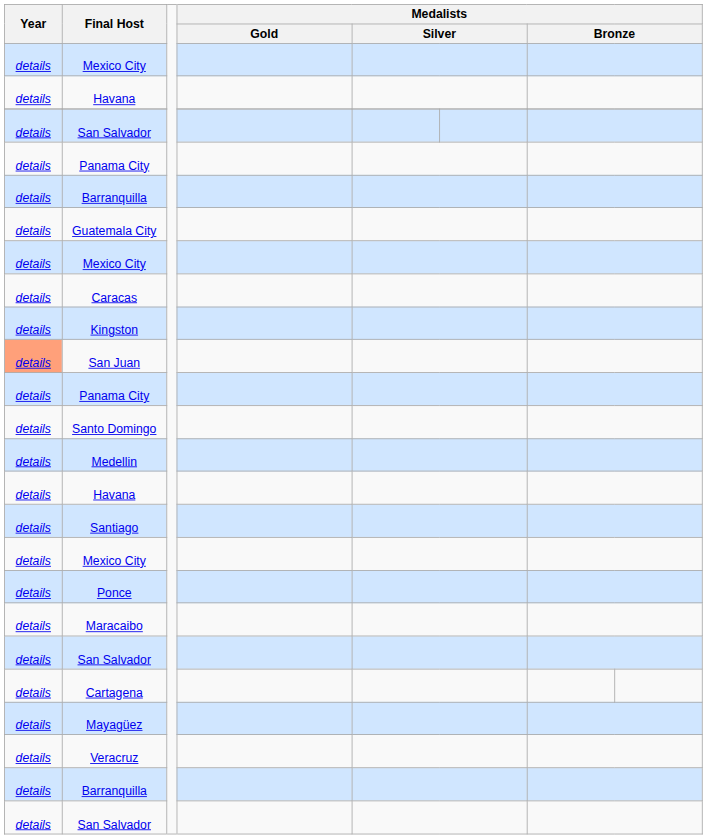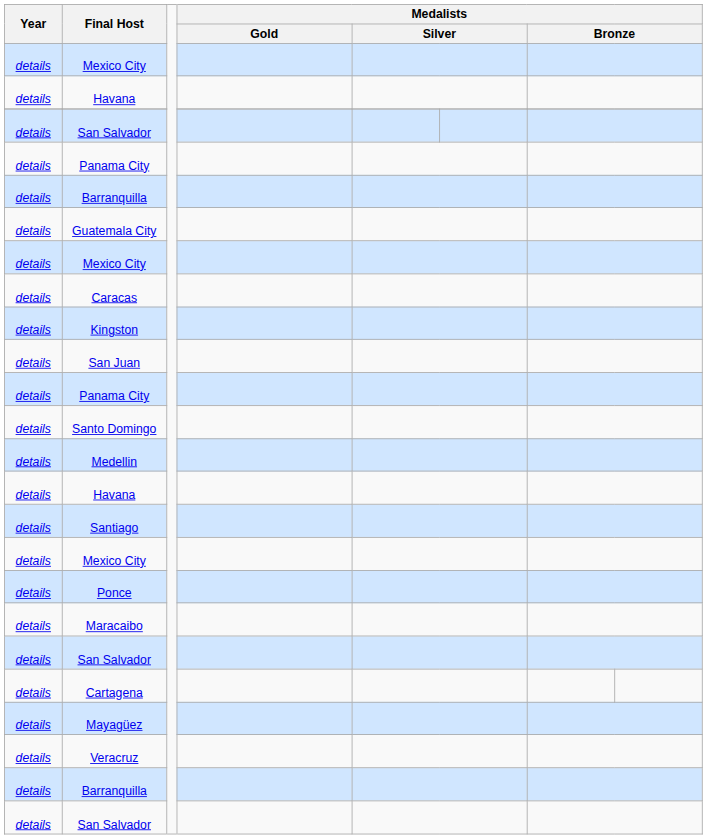 <table class="wikitable" style="font-size:90%; width:65%; text-align: center;">
 <tr>
 <th rowspan="2" style="width:5%;">Year</th>
 <th rowspan="2" style="width:10%;">Final Host</th>
 <td rowspan="50" style="width:1%; border-top:none; border-bottom:none;"></td>
 <th colspan=5>Medalists</th>
 </tr>
 <tr>
 <th width=17%>Gold</th>
 <th colspan="2" style="width:17%;">Silver</th>
 <th colspan="2" style="width:17%;">Bronze</th>
 </tr>
 <tr style="background: #D0E6FF;">
 <td><br><em><a href='#'>details</a></em></td>
 <td><br><a href='#'>Mexico City</a></td>
 <td><strong></strong></td>
 <td colspan=2></td>
 <td colspan=2></td>
 </tr>
 <tr>
 <td><br><em><a href='#'>details</a></em></td>
 <td><br><a href='#'>Havana</a></td>
 <td><strong></strong></td>
 <td colspan=2></td>
 <td colspan=2></td>
 </tr>
 <tr style="background: #D0E6FF;">
 </tr>
 <tr style="background: #D0E6FF;">
 <td><br><em><a href='#'>details</a></em></td>
 <td><br><a href='#'>San Salvador</a></td>
 <td><strong></strong></td>
 <td width=8.5%></td>
 <td width=8.5%></td>
 <td colspan=2></td>
 </tr>
 <tr>
 <td><br><em><a href='#'>details</a></em></td>
 <td><br><a href='#'>Panama City</a></td>
 <td><strong></strong></td>
 <td colspan=2></td>
 <td colspan=2></td>
 </tr>
 <tr style="background: #D0E6FF;">
 <td><br><em><a href='#'>details</a></em></td>
 <td><br><a href='#'>Barranquilla</a></td>
 <td><strong></strong></td>
 <td colspan=2></td>
 <td colspan=2></td>
 </tr>
 <tr>
 <td><br><em><a href='#'>details</a></em></td>
 <td><br><a href='#'>Guatemala City</a></td>
 <td><strong></strong></td>
 <td colspan=2></td>
 <td colspan=2></td>
 </tr>
 <tr style="background: #D0E6FF;">
 <td><br><em><a href='#'>details</a></em></td>
 <td><br><a href='#'>Mexico City</a></td>
 <td><strong></strong></td>
 <td colspan=2></td>
 <td colspan=2></td>
 </tr>
 <tr>
 <td><br><em><a href='#'>details</a></em></td>
 <td><br><a href='#'>Caracas</a></td>
 <td><strong></strong></td>
 <td colspan=2></td>
 <td colspan=2></td>
 </tr>
 <tr style="background: #D0E6FF;">
 <td><br><em><a href='#'>details</a></em></td>
 <td><br><a href='#'>Kingston</a></td>
 <td><strong></strong></td>
 <td colspan=2></td>
 <td colspan=2></td>
 </tr>
 <tr>
-<td style="background: lightsalmon;"><br><em><a href='#'>details</a></em></td>
+<td><br><em><a href='#'>details</a></em></td>
 <td><br><a href='#'>San Juan</a></td>
 <td><strong></strong></td>
 <td colspan=2></td>
 <td colspan=2></td>
 </tr>
 <tr style="background: #D0E6FF;">
 <td><br><em><a href='#'>details</a></em></td>
 <td><br><a href='#'>Panama City</a></td>
 <td><strong></strong></td>
 <td colspan=2></td>
 <td colspan=2></td>
 </tr>
 <tr>
 <td><br><em><a href='#'>details</a></em></td>
 <td><br><a href='#'>Santo Domingo</a></td>
 <td><strong></strong></td>
 <td colspan=2></td>
 <td colspan=2></td>
 </tr>
 <tr style="background: #D0E6FF;">
 <td><br><em><a href='#'>details</a></em></td>
 <td><br><a href='#'>Medellin</a></td>
 <td><strong></strong></td>
 <td colspan=2></td>
 <td colspan=2></td>
 </tr>
 <tr>
 <td><br><em><a href='#'>details</a></em></td>
 <td><br><a href='#'>Havana</a></td>
 <td><strong></strong></td>
 <td colspan=2></td>
 <td colspan=2></td>
 </tr>
 <tr style="background: #D0E6FF;">
 <td><br><em><a href='#'>details</a></em></td>
 <td><br><a href='#'>Santiago</a></td>
 <td><strong></strong></td>
 <td colspan=2></td>
 <td colspan=2></td>
 </tr>
 <tr>
 <td><br><em><a href='#'>details</a></em></td>
 <td><br><a href='#'>Mexico City</a></td>
 <td><strong></strong></td>
 <td colspan=2></td>
 <td colspan=2></td>
 </tr>
 <tr style="background: #D0E6FF;">
 <td><br><em><a href='#'>details</a></em></td>
 <td><br><a href='#'>Ponce</a></td>
 <td><strong></strong></td>
 <td colspan=2></td>
 <td colspan=2></td>
 </tr>
 <tr>
 <td><br><em><a href='#'>details</a></em></td>
 <td><br><a href='#'>Maracaibo</a></td>
 <td><strong></strong></td>
 <td colspan=2></td>
 <td colspan=2></td>
 </tr>
 <tr style="background: #D0E6FF;">
 <td><br><em><a href='#'>details</a></em></td>
 <td><br><a href='#'>San Salvador</a></td>
 <td><strong></strong></td>
 <td colspan=2></td>
 <td colspan=2></td>
 </tr>
 <tr>
 <td><br><em><a href='#'>details</a></em></td>
 <td><br><a href='#'>Cartagena</a></td>
 <td><strong></strong></td>
 <td colspan=2></td>
 <td width=8.5%></td>
 <td width=8.5%></td>
 </tr>
 <tr style="background: #D0E6FF;">
 <td><br><em><a href='#'>details</a></em></td>
 <td><br><a href='#'>Mayagüez</a></td>
 <td><strong></strong></td>
 <td colspan=2></td>
 <td colspan=2></td>
 </tr>
 <tr>
 <td><br><em><a href='#'>details</a></em></td>
 <td><br><a href='#'>Veracruz</a></td>
 <td><strong></strong></td>
 <td colspan=2></td>
 <td colspan=2></td>
 </tr>
 <tr style="background: #D0E6FF;">
 <td><br><em><a href='#'>details</a></em></td>
 <td><br><a href='#'>Barranquilla</a></td>
 <td><strong></strong></td>
 <td colspan=2></td>
 <td colspan=2></td>
 </tr>
 <tr>
 <td><br><em><a href='#'>details</a></em></td>
 <td><br><a href='#'>San Salvador</a></td>
 <td><strong></strong></td>
 <td colspan=2></td>
 <td colspan=2></td>
 </tr>
 </table>
